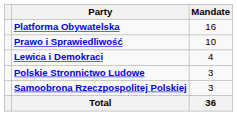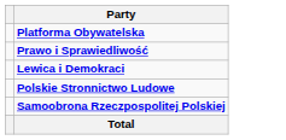 <table class="wikitable">
 <tr>
 <th width=5></th>
 <th>Party</th>
-<th>Mandate</th>
 </tr>
 <tr>
 <td style="background:"></td>
 <td><strong><a href='#'>Platforma Obywatelska</a></strong></td>
-<td align="center">16</td>
 </tr>
 <tr>
 <td style="background:"></td>
 <td><strong><a href='#'>Prawo i Sprawiedliwość</a></strong></td>
-<td align="center">10</td>
 </tr>
 <tr>
 <td style="background:"></td>
 <td><strong><a href='#'>Lewica i Demokraci</a></strong></td>
-<td align="center">4</td>
 </tr>
 <tr>
 <td style="background:"></td>
 <td><strong><a href='#'>Polskie Stronnictwo Ludowe</a></strong></td>
-<td align="center">3</td>
 </tr>
 <tr>
 <td style="background:"></td>
 <td><strong><a href='#'>Samoobrona Rzeczpospolitej Polskiej</a></strong></td>
-<td align="center">3</td>
 </tr>
 <tr bgcolor="#ececec">
 <th></th>
 <th>Total</th>
-<th align="center">36</th>
 </tr>
 </table>
